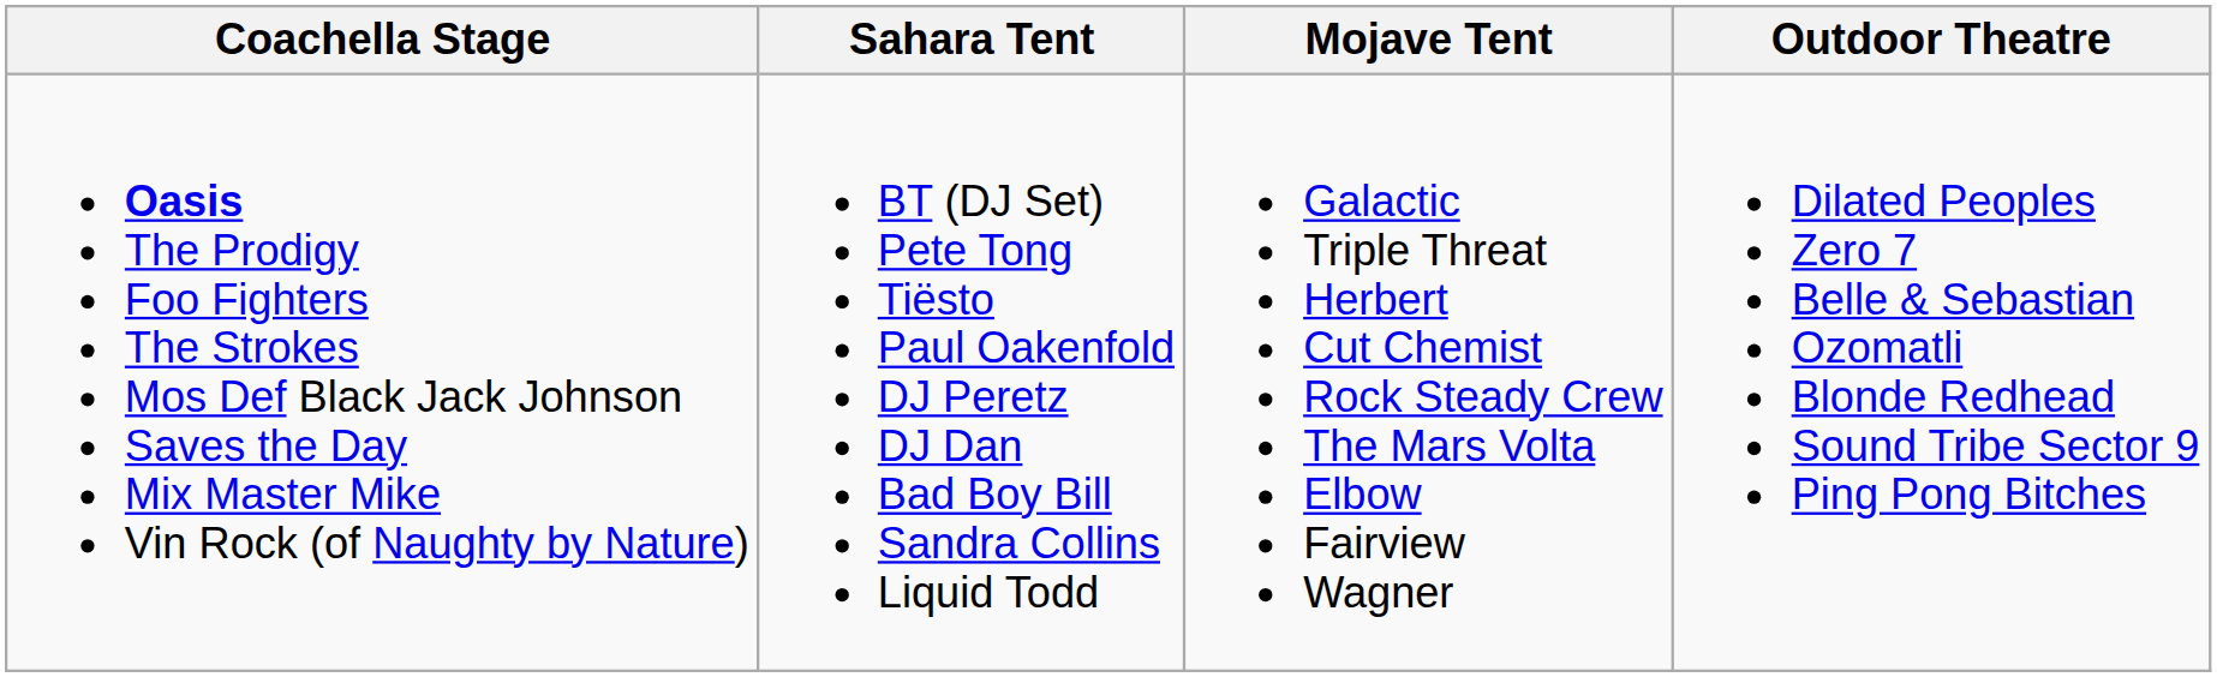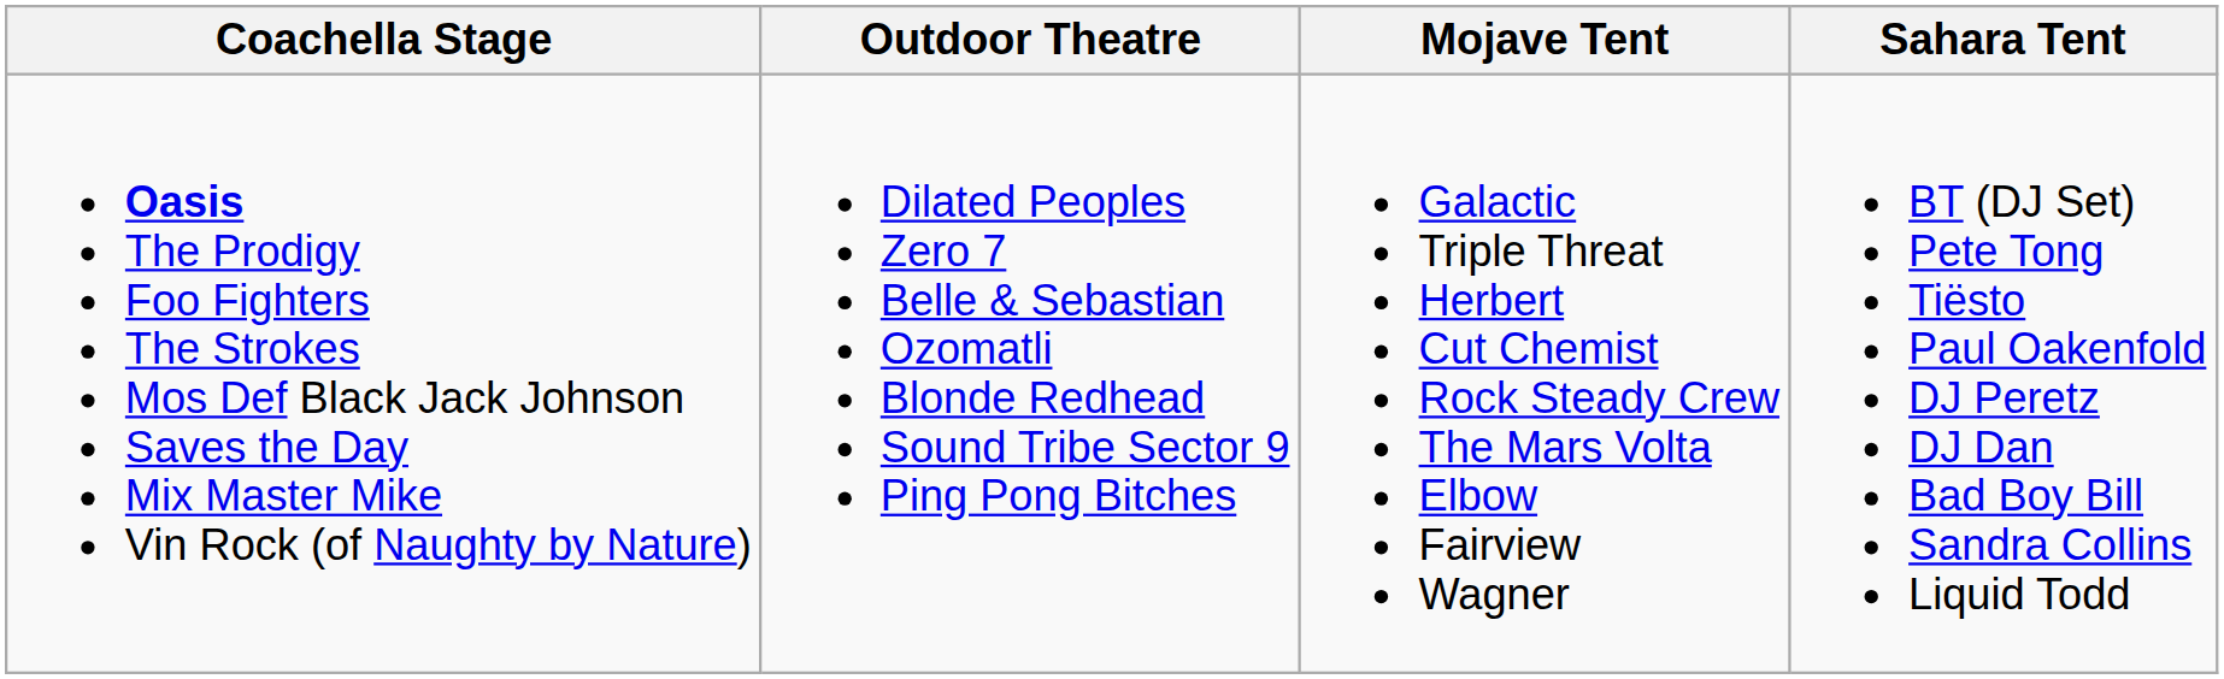 <table class="wikitable">
 <tr>
 <th>Coachella Stage</th>
+<th>Outdoor Theatre</th>
+<th>Mojave Tent</th>
 <th>Sahara Tent</th>
-<th>Mojave Tent</th>
-<th>Outdoor Theatre</th>
 </tr>
 <tr valign="top">
 <td><br><ul><li><strong><a href='#'>Oasis</a></strong></li><li><a href='#'>The Prodigy</a></li><li><a href='#'>Foo Fighters</a></li><li><a href='#'>The Strokes</a></li><li><a href='#'>Mos Def</a> Black Jack Johnson</li><li><a href='#'>Saves the Day</a></li><li><a href='#'>Mix Master Mike</a></li><li>Vin Rock (of <a href='#'>Naughty by Nature</a>)</li></ul></td>
+<td><br><ul><li><a href='#'>Dilated Peoples</a></li><li><a href='#'>Zero 7</a></li><li><a href='#'>Belle & Sebastian</a></li><li><a href='#'>Ozomatli</a></li><li><a href='#'>Blonde Redhead</a></li><li><a href='#'>Sound Tribe Sector 9</a></li><li><a href='#'>Ping Pong Bitches</a></li></ul></td>
+<td><br><ul><li><a href='#'>Galactic</a></li><li>Triple Threat</li><li><a href='#'>Herbert</a></li><li><a href='#'>Cut Chemist</a></li><li><a href='#'>Rock Steady Crew</a></li><li><a href='#'>The Mars Volta</a></li><li><a href='#'>Elbow</a></li><li>Fairview</li><li>Wagner</li></ul></td>
 <td><br><ul><li><a href='#'>BT</a> (DJ Set)</li><li><a href='#'>Pete Tong</a></li><li><a href='#'>Tiësto</a></li><li><a href='#'>Paul Oakenfold</a></li><li><a href='#'>DJ Peretz</a></li><li><a href='#'>DJ Dan</a></li><li><a href='#'>Bad Boy Bill</a></li><li><a href='#'>Sandra Collins</a></li><li>Liquid Todd</li></ul></td>
-<td><br><ul><li><a href='#'>Galactic</a></li><li>Triple Threat</li><li><a href='#'>Herbert</a></li><li><a href='#'>Cut Chemist</a></li><li><a href='#'>Rock Steady Crew</a></li><li><a href='#'>The Mars Volta</a></li><li><a href='#'>Elbow</a></li><li>Fairview</li><li>Wagner</li></ul></td>
-<td><br><ul><li><a href='#'>Dilated Peoples</a></li><li><a href='#'>Zero 7</a></li><li><a href='#'>Belle & Sebastian</a></li><li><a href='#'>Ozomatli</a></li><li><a href='#'>Blonde Redhead</a></li><li><a href='#'>Sound Tribe Sector 9</a></li><li><a href='#'>Ping Pong Bitches</a></li></ul></td>
 </tr>
 </table>
